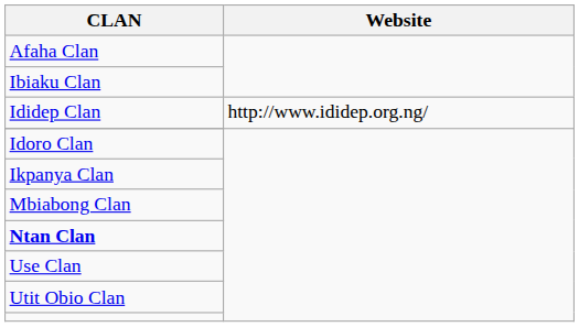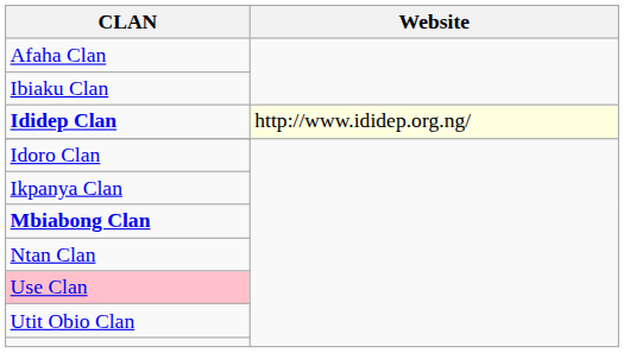 <table width="470" class="wikitable sortable">
 <tr>
 <th>CLAN</th>
 <th>Website</th>
 </tr>
 <tr>
 <td><a href='#'>Afaha Clan</a></td>
 </tr>
 <tr>
 <td><a href='#'>Ibiaku Clan</a></td>
 </tr>
 <tr>
-<td><a href='#'>Ididep Clan</a></td>
-<td>http://www.ididep.org.ng/ </td>
+<td><strong><a href='#'>Ididep Clan</a></strong></td>
+<td style="background: lightyellow;">http://www.ididep.org.ng/ </td>
 </tr>
 <tr http://www.ididep.org.ng/>
 </tr>
 <tr>
 <td><a href='#'>Idoro Clan</a></td>
 </tr>
 <tr>
 <td><a href='#'>Ikpanya Clan</a></td>
 </tr>
 <tr>
-<td><a href='#'>Mbiabong Clan</a></td>
+<td><strong><a href='#'>Mbiabong Clan</a></strong></td>
 </tr>
 <tr>
-<td><strong><a href='#'>Ntan Clan</a></strong></td>
+<td><a href='#'>Ntan Clan</a></td>
 </tr>
 <tr>
-<td><a href='#'>Use Clan</a></td>
+<td style="background: pink;"><a href='#'>Use Clan</a></td>
 </tr>
 <tr>
 <td><a href='#'>Utit Obio Clan</a></td>
 </tr>
 <tr>
 <td></td>
 </tr>
 </table>
